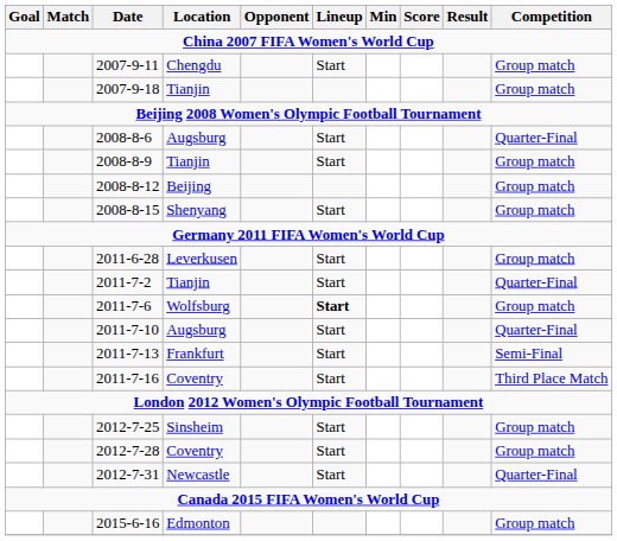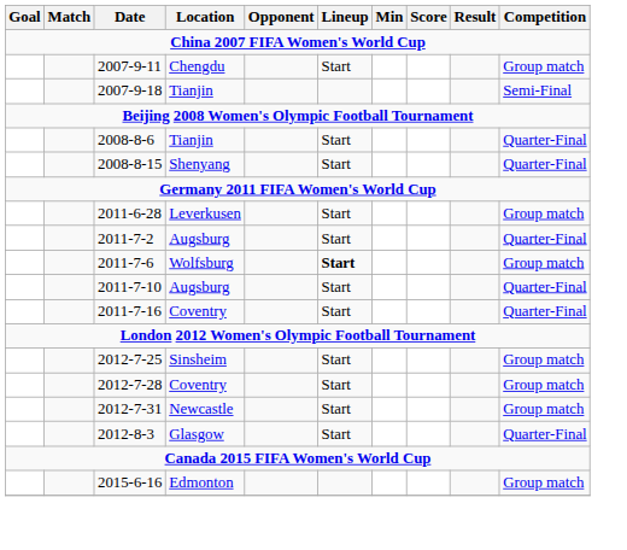 <table class="wikitable collapsible" style="fontsize:90%;">
 <tr>
 <th>Goal</th>
 <th>Match</th>
 <th>Date</th>
 <th>Location</th>
 <th>Opponent</th>
 <th>Lineup</th>
 <th>Min</th>
 <th>Score</th>
 <th>Result</th>
 <th>Competition</th>
 </tr>
 <tr>
 <td colspan=10 align=center > <strong><a href='#'>China 2007 FIFA Women's World Cup</a></strong></td>
 </tr>
 <tr>
 <td style="background:white;"></td>
 <td></td>
 <td>2007-9-11</td>
 <td><a href='#'>Chengdu</a></td>
 <td></td>
 <td>Start</td>
 <td style="background:white;"></td>
 <td style="background:white;"></td>
 <td></td>
 <td><a href='#'>Group match</a></td>
 </tr>
 <tr>
 <td style="background:white;"></td>
 <td></td>
 <td>2007-9-18</td>
 <td><a href='#'>Tianjin</a></td>
 <td></td>
 <td></td>
 <td style="background:white;"></td>
 <td style="background:white;"></td>
 <td></td>
-<td><a href='#'>Group match</a></td>
+<td><a href='#'>Semi-Final</a></td>
 </tr>
 <tr>
 <td colspan=10 align=center ><strong><a href='#'>Beijing</a> <a href='#'>2008 Women's Olympic Football Tournament</a></strong></td>
 </tr>
 <tr>
 <td style="background:white;"></td>
 <td></td>
 <td>2008-8-6</td>
-<td><a href='#'>Augsburg</a></td>
+<td><a href='#'>Tianjin</a></td>
 <td></td>
 <td>Start</td>
 <td style="background:white;"></td>
 <td style="background:white;"></td>
 <td></td>
 <td><a href='#'>Quarter-Final</a></td>
-</tr>
-<tr>
-<td style="background:white;"></td>
-<td></td>
-<td>2008-8-9</td>
-<td><a href='#'>Tianjin</a></td>
-<td></td>
-<td>Start</td>
-<td style="background:white;"></td>
-<td style="background:white;"></td>
-<td></td>
-<td><a href='#'>Group match</a></td>
-</tr>
-<tr>
-<td style="background:white;"></td>
-<td></td>
-<td>2008-8-12</td>
-<td><a href='#'>Beijing</a></td>
-<td></td>
-<td></td>
-<td style="background:white;"></td>
-<td style="background:white;"></td>
-<td></td>
-<td><a href='#'>Group match</a></td>
 </tr>
 <tr>
 <td style="background:white;"></td>
 <td></td>
 <td>2008-8-15</td>
 <td><a href='#'>Shenyang</a></td>
 <td></td>
 <td>Start</td>
 <td style="background:white;"></td>
 <td style="background:white;"></td>
 <td></td>
-<td><a href='#'>Group match</a></td>
+<td><a href='#'>Quarter-Final</a></td>
 </tr>
 <tr>
 <td colspan=10 align=center > <strong><a href='#'>Germany 2011 FIFA Women's World Cup</a></strong></td>
 </tr>
 <tr>
 <td style="background:white;"></td>
 <td></td>
 <td>2011-6-28</td>
 <td><a href='#'>Leverkusen</a></td>
 <td></td>
 <td>Start</td>
 <td style="background:white;"></td>
 <td style="background:white;"></td>
 <td></td>
 <td><a href='#'>Group match</a></td>
 </tr>
 <tr>
 <td style="background:white;"></td>
 <td></td>
 <td>2011-7-2</td>
-<td><a href='#'>Tianjin</a></td>
+<td><a href='#'>Augsburg</a></td>
 <td></td>
 <td>Start</td>
 <td style="background:white;"></td>
 <td style="background:white;"></td>
 <td></td>
 <td><a href='#'>Quarter-Final</a></td>
 </tr>
 <tr>
 <td style="background:white;"></td>
 <td></td>
 <td>2011-7-6</td>
 <td><a href='#'>Wolfsburg</a></td>
 <td></td>
 <td><strong>Start</strong></td>
 <td style="background:white;"></td>
 <td style="background:white;"></td>
 <td></td>
 <td><a href='#'>Group match</a></td>
 </tr>
 <tr>
 <td style="background:white;"></td>
 <td></td>
 <td>2011-7-10</td>
 <td><a href='#'>Augsburg</a></td>
 <td></td>
 <td>Start</td>
 <td style="background:white;"></td>
 <td style="background:white;"></td>
 <td></td>
 <td><a href='#'>Quarter-Final</a></td>
 </tr>
 <tr>
 <td style="background:white;"></td>
 <td></td>
-<td>2011-7-13</td>
-<td><a href='#'>Frankfurt</a></td>
-<td></td>
-<td>Start</td>
-<td style="background:white;"></td>
-<td style="background:white;"></td>
-<td></td>
-<td><a href='#'>Semi-Final</a></td>
-</tr>
-<tr>
-<td style="background:white;"></td>
-<td></td>
 <td>2011-7-16</td>
 <td><a href='#'>Coventry</a></td>
 <td></td>
 <td>Start</td>
 <td style="background:white;"></td>
 <td style="background:white;"></td>
 <td></td>
-<td><a href='#'>Third Place Match</a></td>
+<td><a href='#'>Quarter-Final</a></td>
 </tr>
 <tr>
 <td colspan=10 align=center ><strong><a href='#'>London</a> <a href='#'>2012 Women's Olympic Football Tournament</a></strong></td>
 </tr>
 <tr>
 <td style="background:white;"></td>
 <td></td>
 <td>2012-7-25</td>
 <td><a href='#'>Sinsheim</a></td>
 <td></td>
 <td>Start</td>
 <td style="background:white;"></td>
 <td style="background:white;"></td>
 <td></td>
 <td><a href='#'>Group match</a></td>
 </tr>
 <tr>
 <td style="background:white;"></td>
 <td></td>
 <td>2012-7-28</td>
 <td><a href='#'>Coventry</a></td>
 <td></td>
 <td>Start</td>
 <td style="background:white;"></td>
 <td style="background:white;"></td>
 <td></td>
 <td><a href='#'>Group match</a></td>
 </tr>
 <tr>
 <td style="background:white;"></td>
 <td></td>
 <td>2012-7-31</td>
 <td><a href='#'>Newcastle</a></td>
 <td></td>
 <td>Start</td>
 <td style="background:white;"></td>
 <td style="background:white;"></td>
 <td></td>
+<td><a href='#'>Group match</a></td>
+</tr>
+<tr>
+<td style="background:white;"></td>
+<td></td>
+<td>2012-8-3</td>
+<td><a href='#'>Glasgow</a></td>
+<td></td>
+<td>Start</td>
+<td style="background:white;"></td>
+<td style="background:white;"></td>
+<td></td>
 <td><a href='#'>Quarter-Final</a></td>
 </tr>
 <tr>
 <td colspan=10 align=center > <strong><a href='#'>Canada 2015 FIFA Women's World Cup</a></strong></td>
 </tr>
 <tr>
 <td style="background:white;"></td>
 <td></td>
 <td>2015-6-16</td>
 <td><a href='#'>Edmonton</a></td>
 <td></td>
 <td></td>
 <td style="background:white;"></td>
 <td style="background:white;"></td>
 <td></td>
 <td><a href='#'>Group match</a></td>
 </tr>
 <tr>
 </tr>
 </table>
